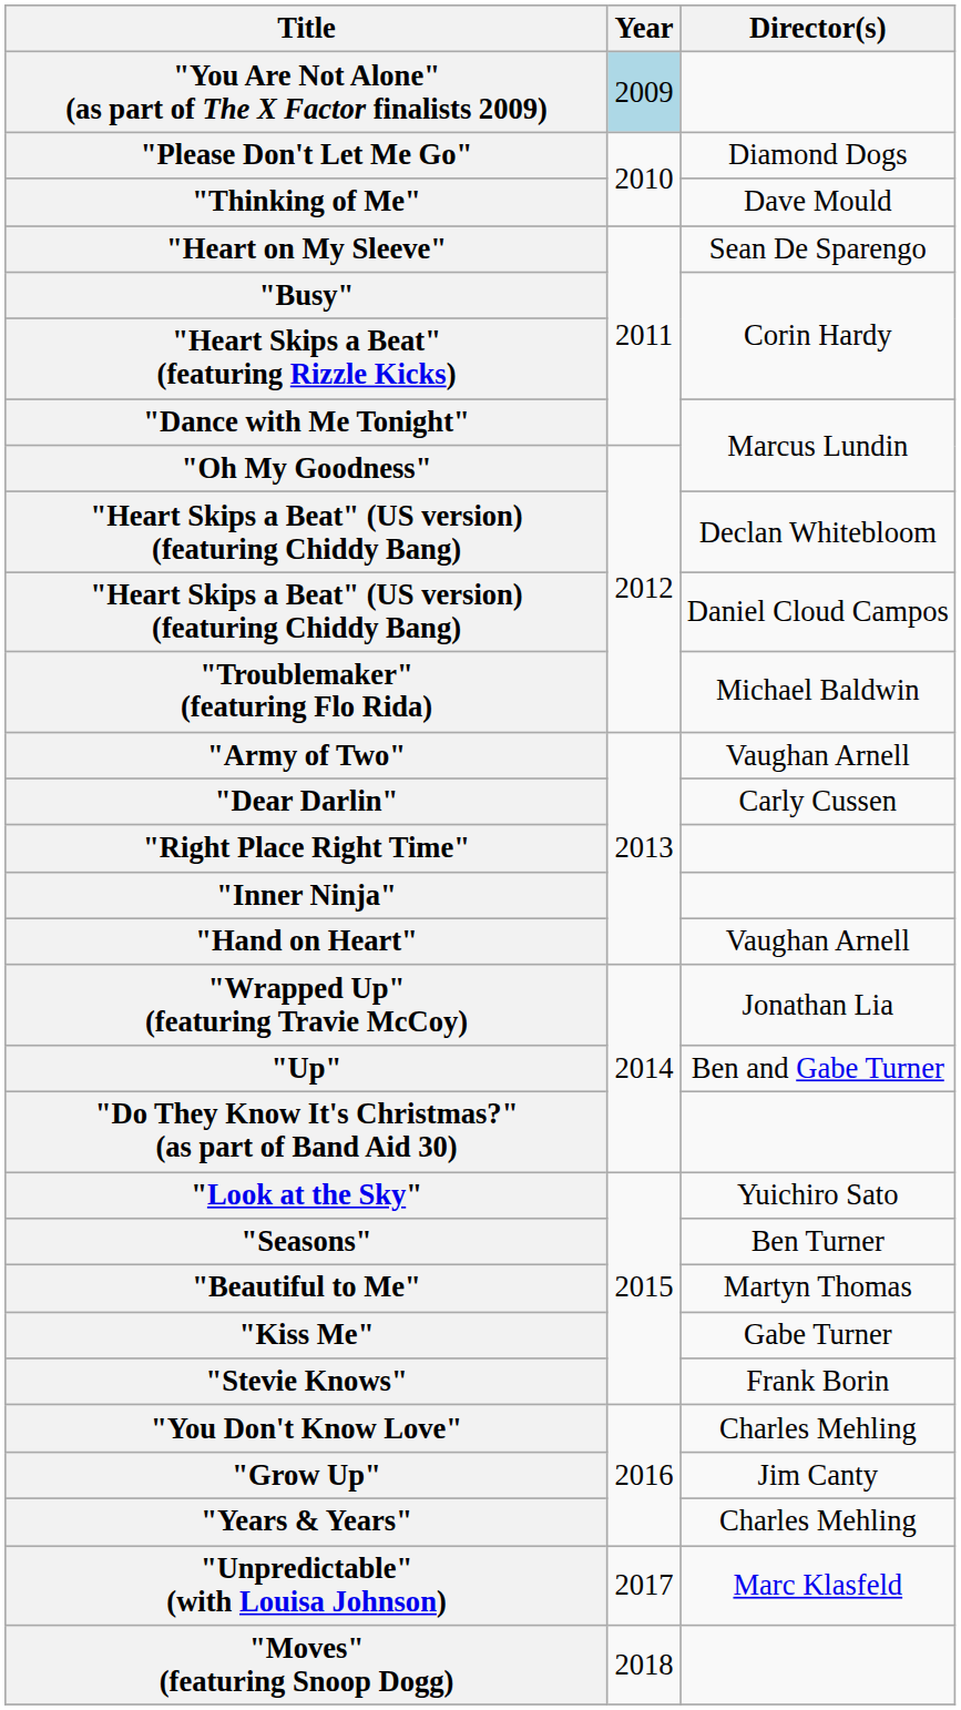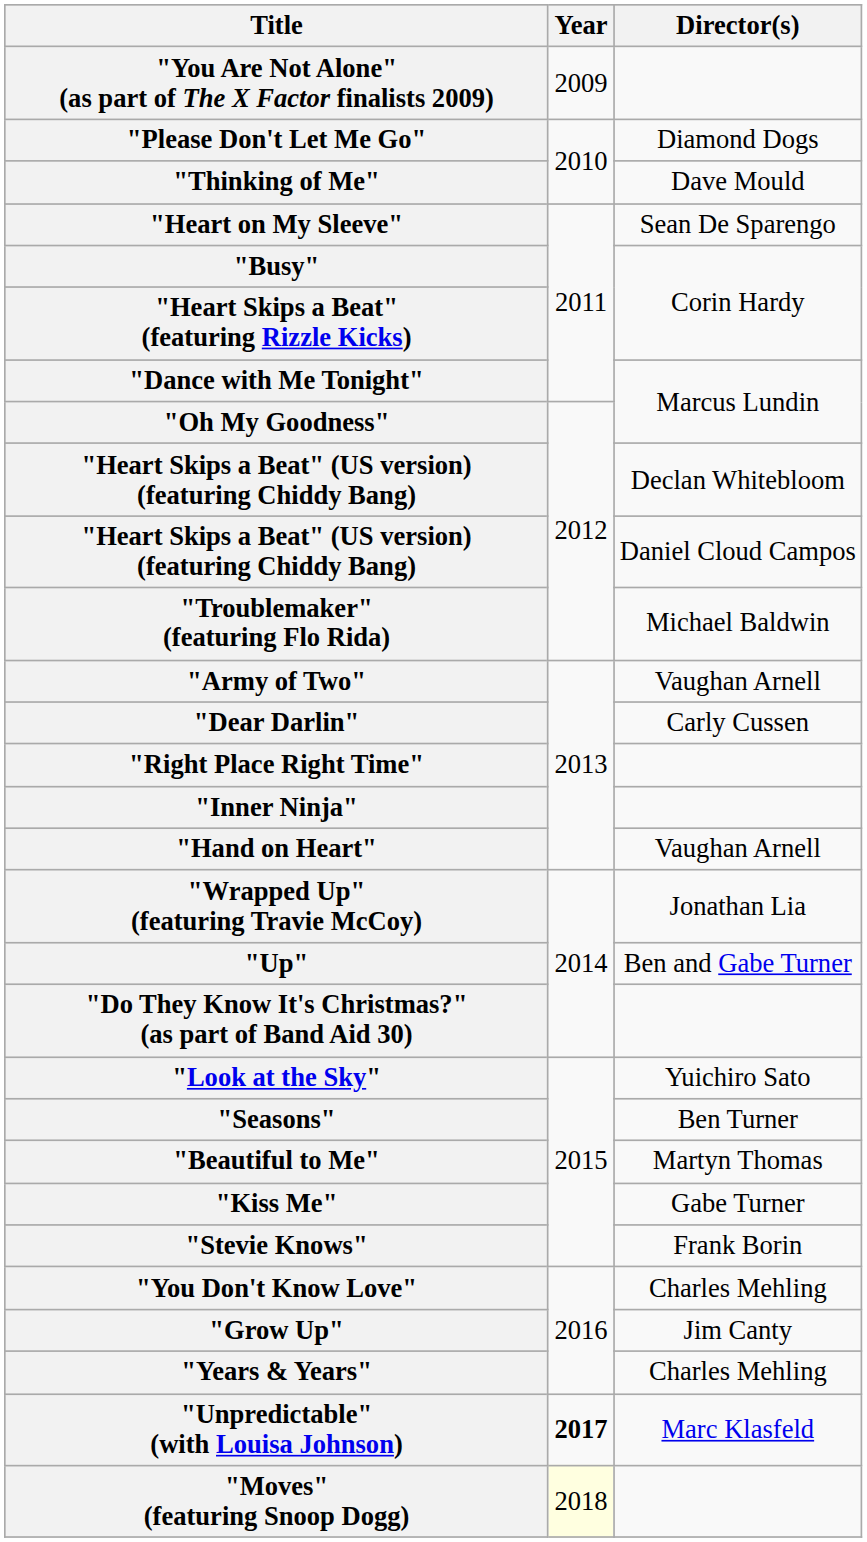 <table class="wikitable plainrowheaders" style="text-align:center;">
 <tr>
 <th scope="col" style="width:20em;">Title</th>
 <th scope="col" style="width:1em;">Year</th>
 <th scope="col">Director(s)</th>
 </tr>
 <tr>
 <th scope="row">"You Are Not Alone"<br><span>(as part of <em>The X Factor</em> finalists 2009)</span></th>
-<td style="background: lightblue;">2009</td>
+<td>2009</td>
 <td></td>
 </tr>
 <tr>
 <th scope="row">"Please Don't Let Me Go"</th>
 <td rowspan="2">2010</td>
 <td>Diamond Dogs</td>
 </tr>
 <tr>
 <th scope="row">"Thinking of Me"</th>
 <td>Dave Mould</td>
 </tr>
 <tr>
 <th scope="row">"Heart on My Sleeve"</th>
 <td rowspan="4">2011</td>
 <td>Sean De Sparengo</td>
 </tr>
 <tr>
 <th scope="row">"Busy"</th>
 <td rowspan="2">Corin Hardy</td>
 </tr>
 <tr>
 <th scope="row">"Heart Skips a Beat"<br><span>(featuring <a href='#'>Rizzle Kicks</a>)</span></th>
 </tr>
 <tr>
 <th scope="row">"Dance with Me Tonight"</th>
 <td rowspan="2">Marcus Lundin</td>
 </tr>
 <tr>
 <th scope="row">"Oh My Goodness"</th>
 <td rowspan="4">2012</td>
 </tr>
 <tr>
 <th scope="row">"Heart Skips a Beat" <span>(US version)</span><br><span>(featuring Chiddy Bang)</span></th>
 <td>Declan Whitebloom</td>
 </tr>
 <tr>
 <th scope="row">"Heart Skips a Beat" <span>(US version)</span><br><span>(featuring Chiddy Bang)</span></th>
 <td>Daniel Cloud Campos</td>
 </tr>
 <tr>
 <th scope="row">"Troublemaker"<br><span>(featuring Flo Rida)</span></th>
 <td>Michael Baldwin</td>
 </tr>
 <tr>
 <th scope="row">"Army of Two"</th>
 <td rowspan="5">2013</td>
 <td>Vaughan Arnell</td>
 </tr>
 <tr>
 <th scope="row">"Dear Darlin"</th>
 <td>Carly Cussen</td>
 </tr>
 <tr>
 <th scope="row">"Right Place Right Time"</th>
 <td></td>
 </tr>
 <tr>
 <th scope="row">"Inner Ninja"</th>
 <td></td>
 </tr>
 <tr>
 <th scope="row">"Hand on Heart"</th>
 <td>Vaughan Arnell</td>
 </tr>
 <tr>
 <th scope="row">"Wrapped Up"<br><span>(featuring Travie McCoy)</span></th>
 <td rowspan="3">2014</td>
 <td>Jonathan Lia</td>
 </tr>
 <tr>
 <th scope="row">"Up"</th>
 <td>Ben and <a href='#'>Gabe Turner</a></td>
 </tr>
 <tr>
 <th scope="row">"Do They Know It's Christmas?"<br><span>(as part of Band Aid 30)</span></th>
 <td></td>
 </tr>
 <tr>
 <th scope="row">"<a href='#'>Look at the Sky</a>"</th>
 <td rowspan="5">2015</td>
 <td>Yuichiro Sato</td>
 </tr>
 <tr>
 <th scope="row">"Seasons"</th>
 <td>Ben Turner</td>
 </tr>
 <tr>
 <th scope="row">"Beautiful to Me"</th>
 <td>Martyn Thomas</td>
 </tr>
 <tr>
 <th scope="row">"Kiss Me"</th>
 <td>Gabe Turner</td>
 </tr>
 <tr>
 <th scope="row">"Stevie Knows"</th>
 <td>Frank Borin</td>
 </tr>
 <tr>
 <th scope="row">"You Don't Know Love"</th>
 <td rowspan="3">2016</td>
 <td>Charles Mehling</td>
 </tr>
 <tr>
 <th scope="row">"Grow Up"</th>
 <td>Jim Canty</td>
 </tr>
 <tr>
 <th scope="row">"Years & Years"</th>
 <td>Charles Mehling</td>
 </tr>
 <tr>
 <th scope="row">"Unpredictable"<br><span>(with <a href='#'>Louisa Johnson</a>)</span></th>
-<td>2017</td>
+<td><strong>2017</strong></td>
 <td><a href='#'>Marc Klasfeld</a></td>
 </tr>
 <tr>
 <th scope="row">"Moves"<br><span>(featuring Snoop Dogg)</span></th>
-<td>2018</td>
+<td style="background: lightyellow;">2018</td>
 <td></td>
 </tr>
 </table>
